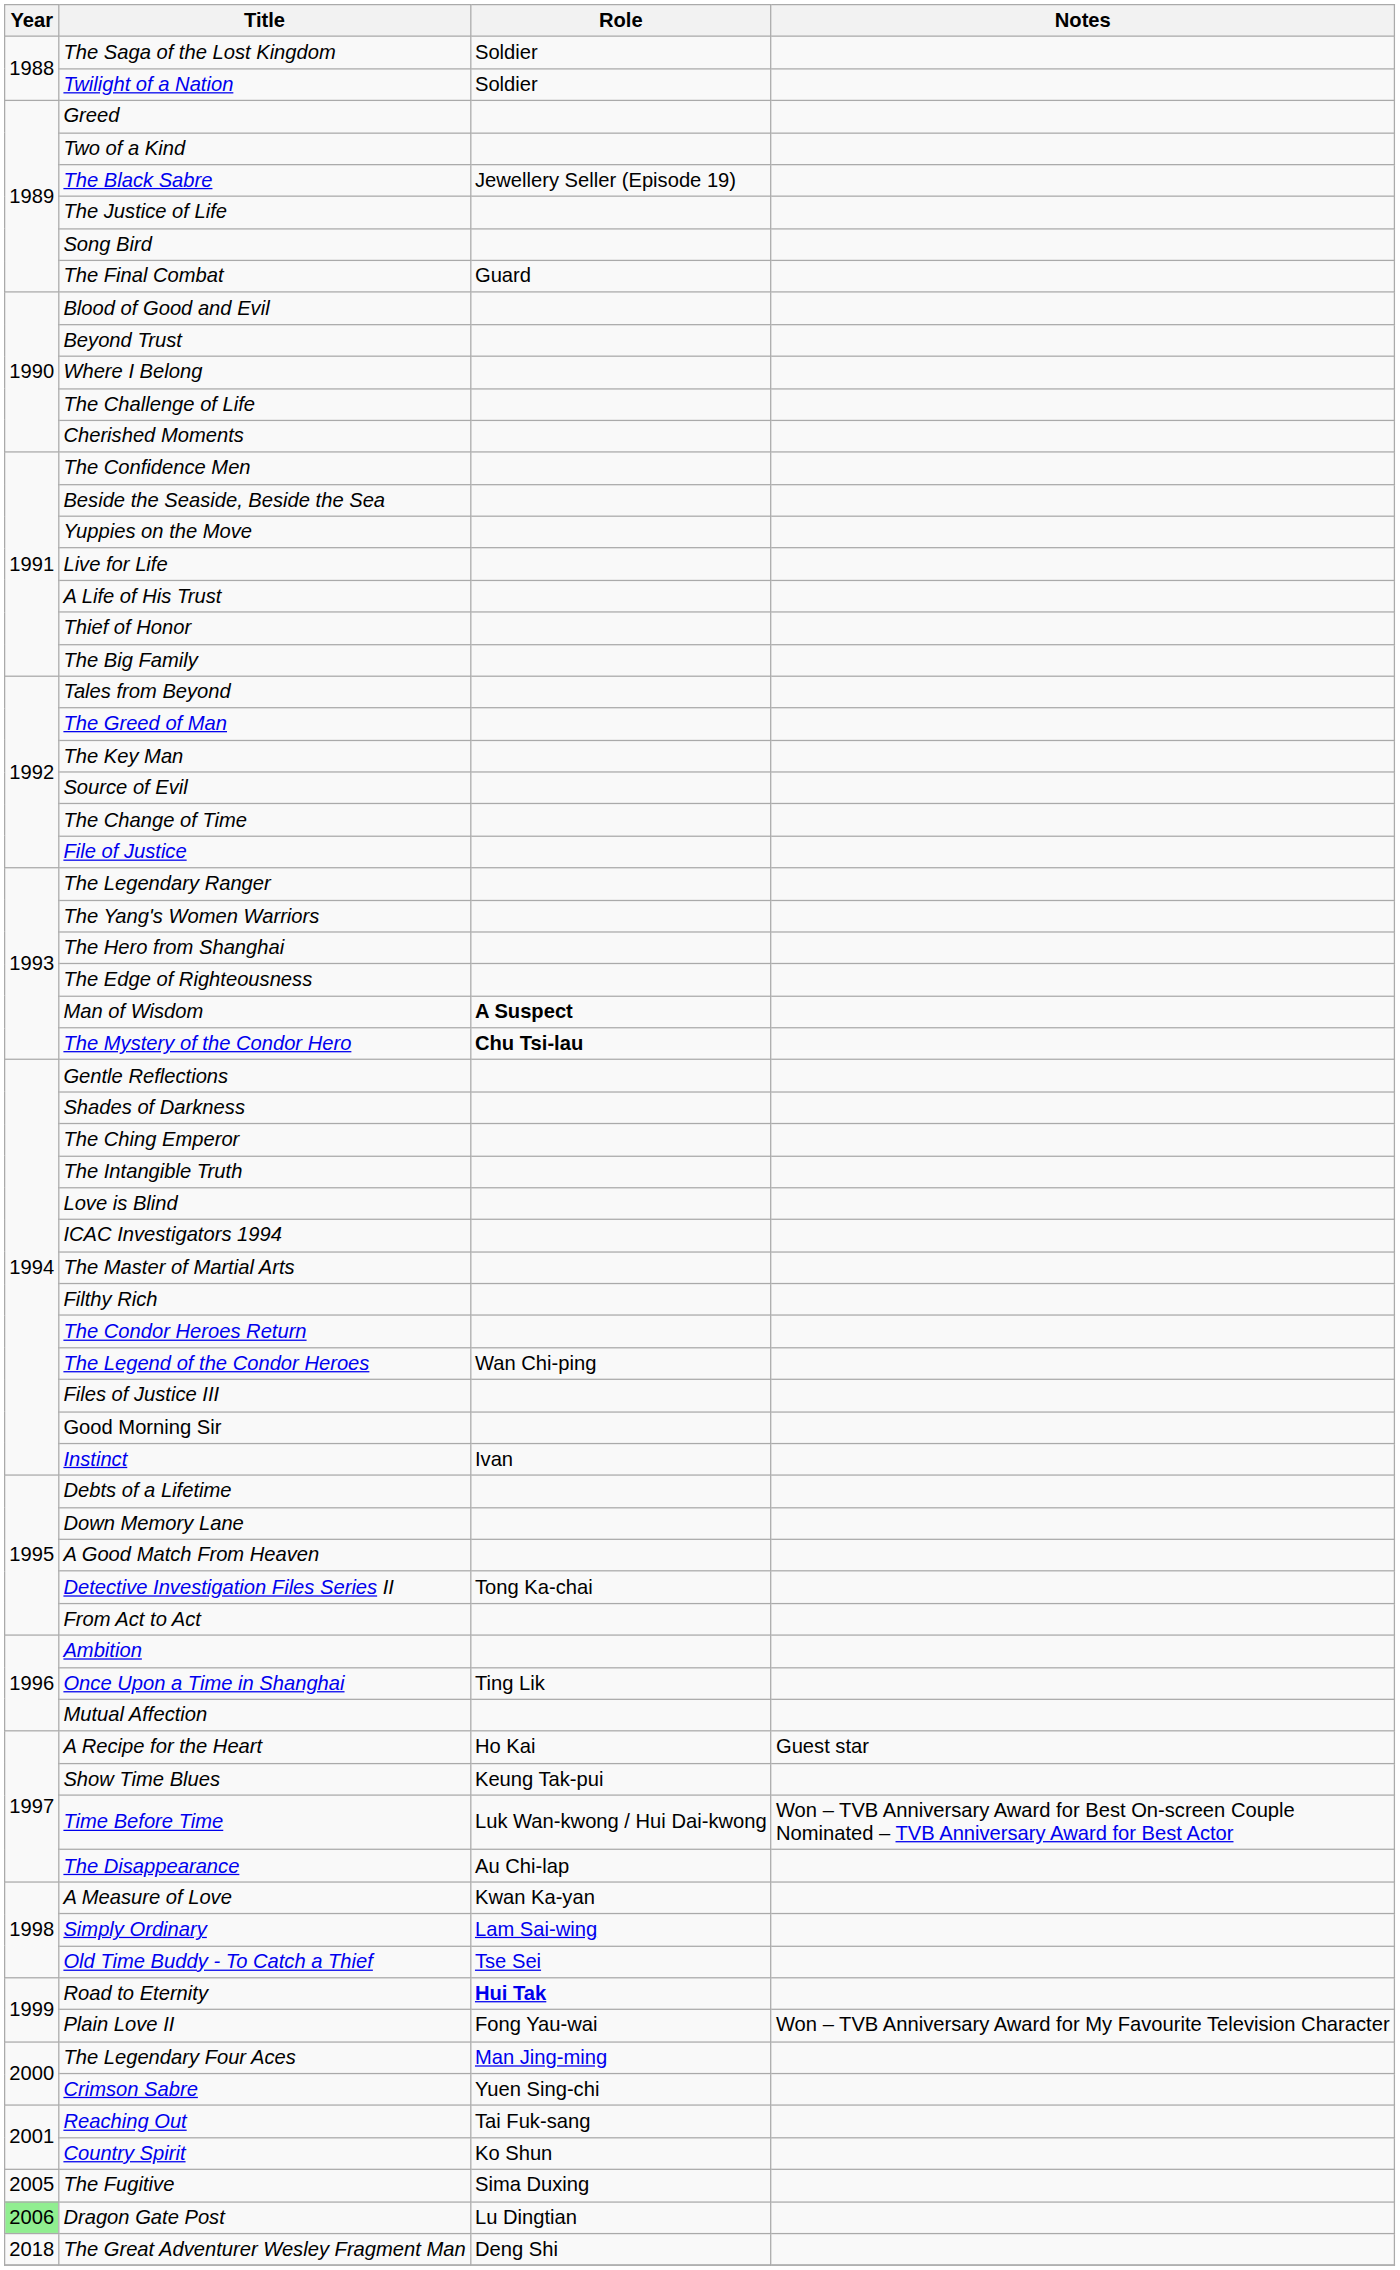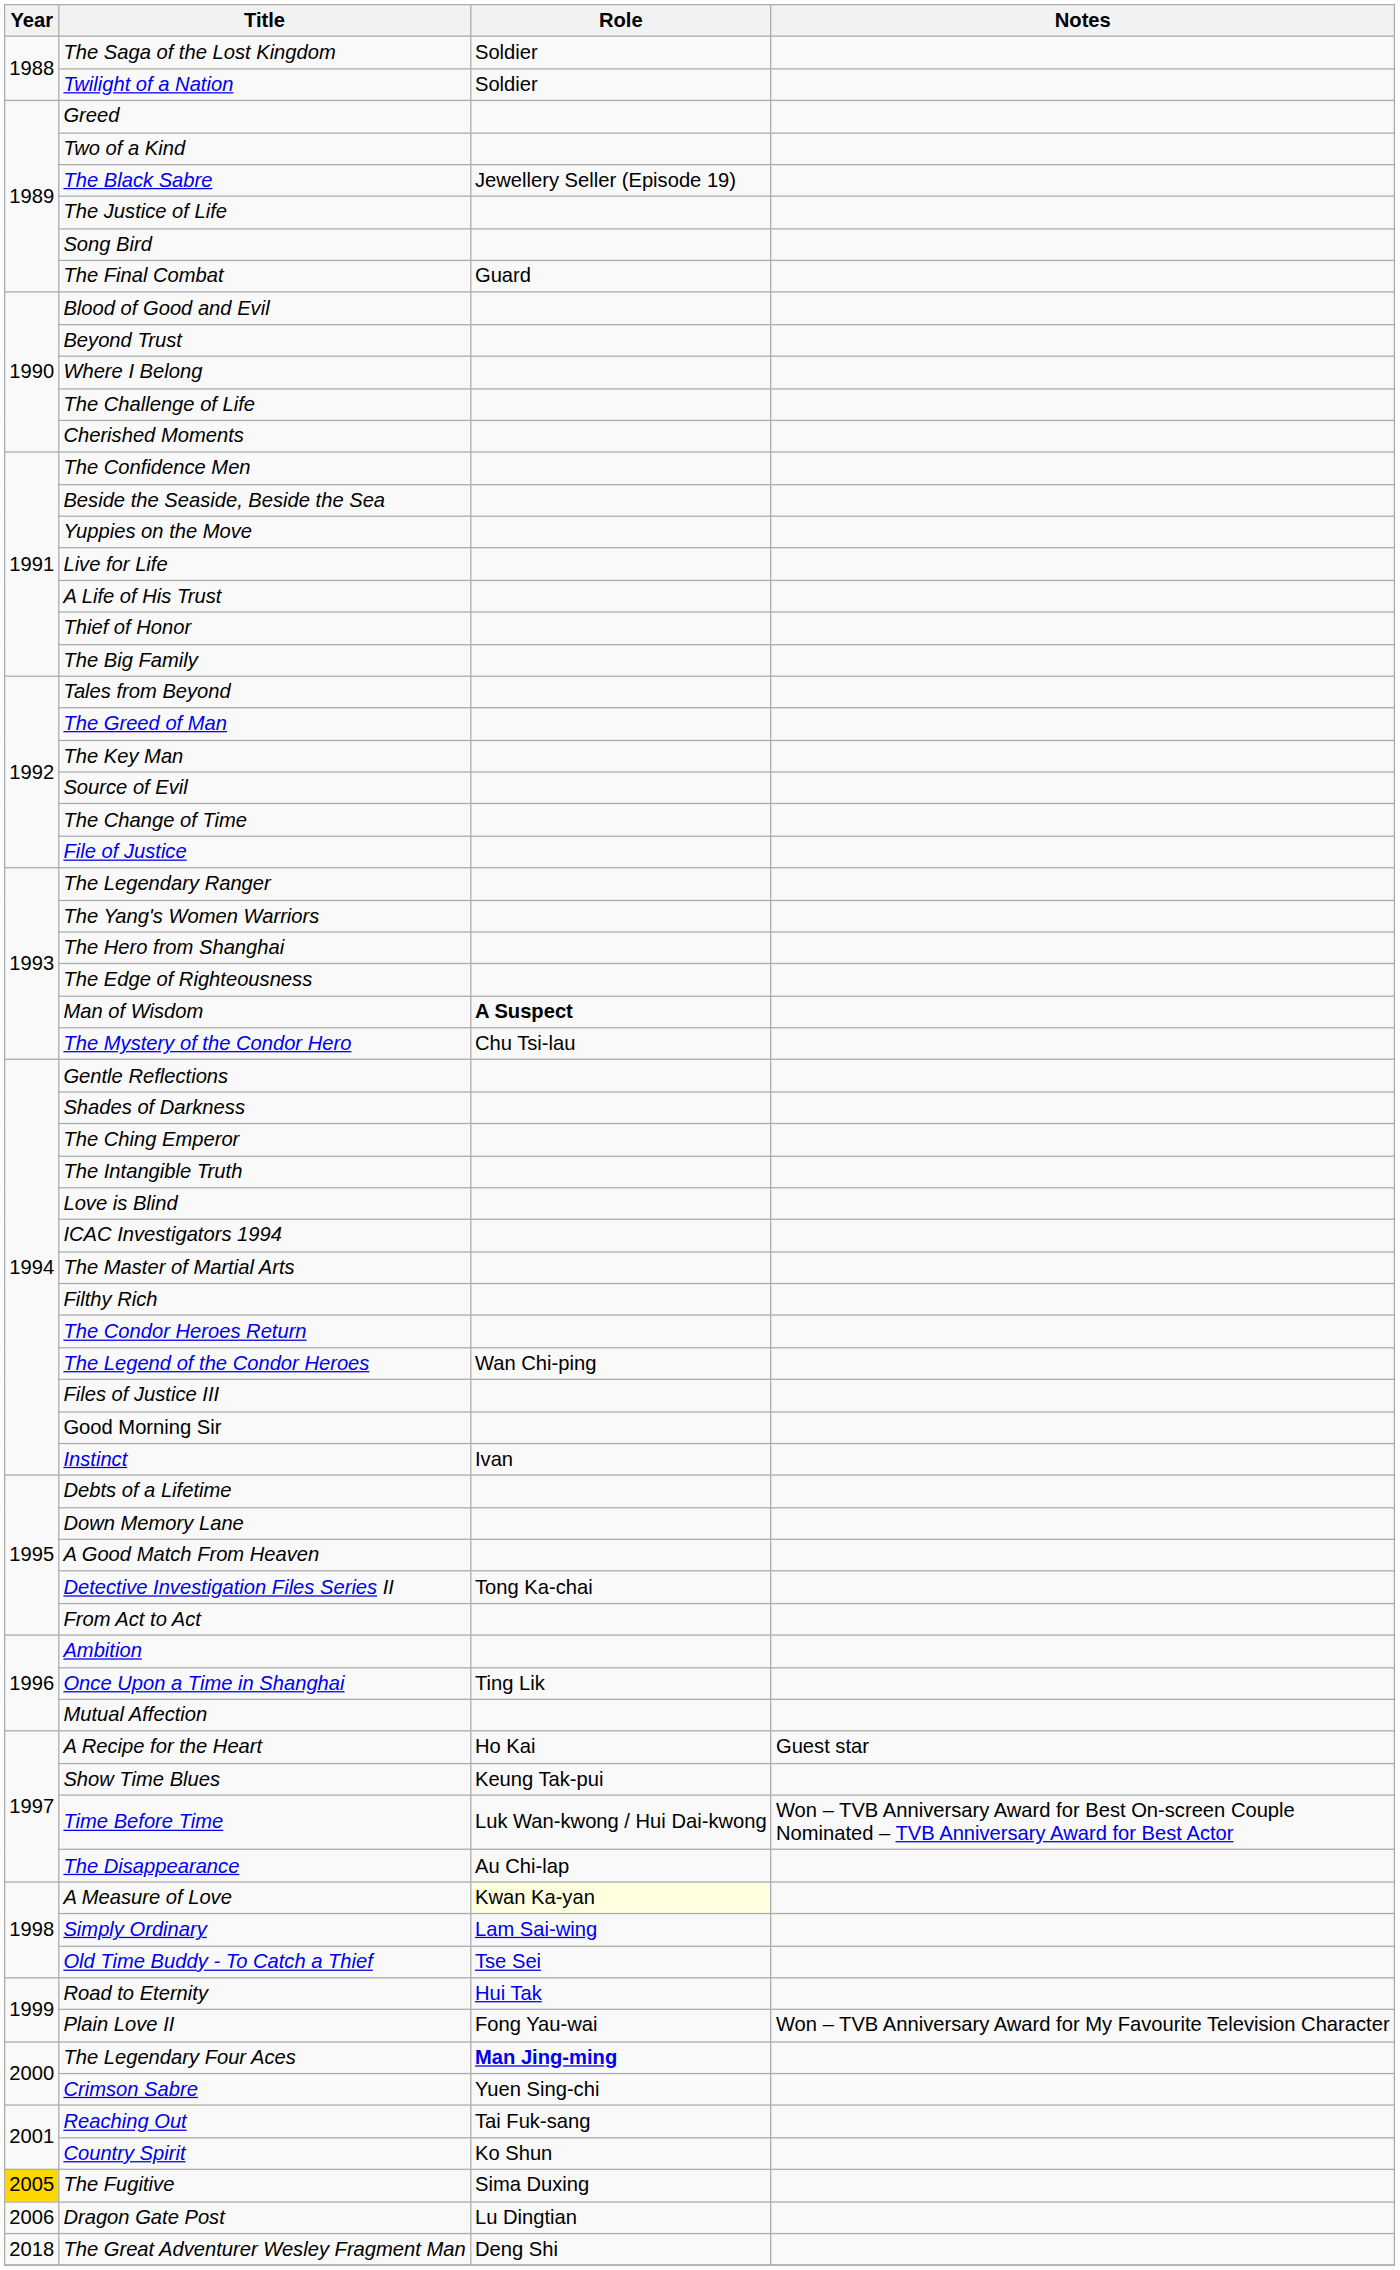 <table class="wikitable sortable">
 <tr>
 <th>Year</th>
 <th>Title</th>
 <th>Role</th>
 <th class="unsortable">Notes</th>
 </tr>
 <tr>
 <td rowspan="2">1988</td>
 <td><em>The Saga of the Lost Kingdom</em></td>
 <td>Soldier</td>
 <td></td>
 </tr>
 <tr>
 <td><em><a href='#'>Twilight of a Nation</a></em></td>
 <td>Soldier</td>
 <td></td>
 </tr>
 <tr>
 <td rowspan="6">1989</td>
 <td><em>Greed</em></td>
 <td></td>
 <td></td>
 </tr>
 <tr>
 <td><em>Two of a Kind</em></td>
 <td></td>
 <td></td>
 </tr>
 <tr>
 <td><em><a href='#'>The Black Sabre</a></em></td>
 <td>Jewellery Seller (Episode 19)</td>
 <td></td>
 </tr>
 <tr>
 <td><em>The Justice of Life</em></td>
 <td></td>
 <td></td>
 </tr>
 <tr>
 <td><em>Song Bird</em></td>
 <td></td>
 <td></td>
 </tr>
 <tr>
 <td><em>The Final Combat</em></td>
 <td>Guard</td>
 <td></td>
 </tr>
 <tr>
 <td rowspan="5">1990</td>
 <td><em>Blood of Good and Evil</em></td>
 <td></td>
 <td></td>
 </tr>
 <tr>
 <td><em>Beyond Trust</em></td>
 <td></td>
 <td></td>
 </tr>
 <tr>
 <td><em>Where I Belong</em></td>
 <td></td>
 <td></td>
 </tr>
 <tr>
 <td><em>The Challenge of Life</em></td>
 <td></td>
 <td></td>
 </tr>
 <tr>
 <td><em>Cherished Moments</em></td>
 <td></td>
 <td></td>
 </tr>
 <tr>
 <td rowspan="7">1991</td>
 <td><em>The Confidence Men</em></td>
 <td></td>
 <td></td>
 </tr>
 <tr>
 <td><em>Beside the Seaside, Beside the Sea</em></td>
 <td></td>
 <td></td>
 </tr>
 <tr>
 <td><em>Yuppies on the Move</em></td>
 <td></td>
 <td></td>
 </tr>
 <tr>
 <td><em>Live for Life</em></td>
 <td></td>
 <td></td>
 </tr>
 <tr>
 <td><em>A Life of His Trust</em></td>
 <td></td>
 <td></td>
 </tr>
 <tr>
 <td><em>Thief of Honor</em></td>
 <td></td>
 <td></td>
 </tr>
 <tr>
 <td><em>The Big Family</em></td>
 <td></td>
 <td></td>
 </tr>
 <tr>
 <td rowspan="6">1992</td>
 <td><em>Tales from Beyond</em></td>
 <td></td>
 <td></td>
 </tr>
 <tr>
 <td><em><a href='#'>The Greed of Man</a></em></td>
 <td></td>
 <td></td>
 </tr>
 <tr>
 <td><em>The Key Man</em></td>
 <td></td>
 <td></td>
 </tr>
 <tr>
 <td><em>Source of Evil</em></td>
 <td></td>
 <td></td>
 </tr>
 <tr>
 <td><em>The Change of Time</em></td>
 <td></td>
 <td></td>
 </tr>
 <tr>
 <td><em><a href='#'>File of Justice</a></em></td>
 <td></td>
 <td></td>
 </tr>
 <tr>
 <td rowspan="6">1993</td>
 <td><em>The Legendary Ranger</em></td>
 <td></td>
 <td></td>
 </tr>
 <tr>
 <td><em>The Yang's Women Warriors</em></td>
 <td></td>
 <td></td>
 </tr>
 <tr>
 <td><em>The Hero from Shanghai</em></td>
 <td></td>
 <td></td>
 </tr>
 <tr>
 <td><em>The Edge of Righteousness</em></td>
 <td></td>
 <td></td>
 </tr>
 <tr>
 <td><em>Man of Wisdom</em></td>
 <td><strong>A Suspect</strong></td>
 <td></td>
 </tr>
 <tr>
 <td><em><a href='#'>The Mystery of the Condor Hero</a></em></td>
-<td><strong>Chu Tsi-lau</strong></td>
+<td>Chu Tsi-lau</td>
 <td></td>
 </tr>
 <tr>
 <td rowspan="13">1994</td>
 <td><em>Gentle Reflections</em></td>
 <td></td>
 <td></td>
 </tr>
 <tr>
 <td><em>Shades of Darkness</em></td>
 <td></td>
 <td></td>
 </tr>
 <tr>
 <td><em>The Ching Emperor</em></td>
 <td></td>
 <td></td>
 </tr>
 <tr>
 <td><em>The Intangible Truth</em></td>
 <td></td>
 <td></td>
 </tr>
 <tr>
 <td><em>Love is Blind</em></td>
 <td></td>
 <td></td>
 </tr>
 <tr>
 <td><em>ICAC Investigators 1994</em></td>
 <td></td>
 <td></td>
 </tr>
 <tr>
 <td><em>The Master of Martial Arts</em></td>
 <td></td>
 <td></td>
 </tr>
 <tr>
 <td><em>Filthy Rich</em></td>
 <td></td>
 <td></td>
 </tr>
 <tr>
 <td><em><a href='#'>The Condor Heroes Return</a></em></td>
 <td></td>
 <td></td>
 </tr>
 <tr>
 <td><em><a href='#'>The Legend of the Condor Heroes</a></em></td>
 <td>Wan Chi-ping</td>
 <td></td>
 </tr>
 <tr>
 <td><em>Files of Justice III</em></td>
 <td></td>
 <td></td>
 </tr>
 <tr>
 <td>Good Morning Sir</td>
 <td></td>
 <td></td>
 </tr>
 <tr>
 <td><em><a href='#'>Instinct</a></em></td>
 <td>Ivan</td>
 <td></td>
 </tr>
 <tr>
 <td rowspan="5">1995</td>
 <td><em>Debts of a Lifetime</em></td>
 <td></td>
 <td></td>
 </tr>
 <tr>
 <td><em>Down Memory Lane</em></td>
 <td></td>
 <td></td>
 </tr>
 <tr>
 <td><em>A Good Match From Heaven</em></td>
 <td></td>
 <td></td>
 </tr>
 <tr>
 <td><em><a href='#'>Detective Investigation Files Series</a> II</em></td>
 <td>Tong Ka-chai</td>
 <td></td>
 </tr>
 <tr>
 <td><em>From Act to Act</em></td>
 <td></td>
 <td></td>
 </tr>
 <tr>
 <td rowspan="3">1996</td>
 <td><em><a href='#'>Ambition</a></em></td>
 <td></td>
 <td></td>
 </tr>
 <tr>
 <td><em><a href='#'>Once Upon a Time in Shanghai</a></em></td>
 <td>Ting Lik</td>
 <td></td>
 </tr>
 <tr>
 <td><em>Mutual Affection</em></td>
 <td></td>
 <td></td>
 </tr>
 <tr>
 <td rowspan="4">1997</td>
 <td><em>A Recipe for the Heart</em></td>
 <td>Ho Kai</td>
 <td>Guest star</td>
 </tr>
 <tr>
 <td><em>Show Time Blues</em></td>
 <td>Keung Tak-pui</td>
 <td></td>
 </tr>
 <tr>
 <td><em><a href='#'>Time Before Time</a></em></td>
 <td>Luk Wan-kwong / Hui Dai-kwong</td>
 <td>Won – TVB Anniversary Award for Best On-screen Couple<br>Nominated – <a href='#'>TVB Anniversary Award for Best Actor</a></td>
 </tr>
 <tr>
 <td><em><a href='#'>The Disappearance</a></em></td>
 <td>Au Chi-lap</td>
 <td></td>
 </tr>
 <tr>
 <td rowspan="3">1998</td>
 <td><em>A Measure of Love</em></td>
-<td>Kwan Ka-yan</td>
+<td style="background: lightyellow;">Kwan Ka-yan</td>
 <td></td>
 </tr>
 <tr>
 <td><em><a href='#'>Simply Ordinary</a></em></td>
 <td><a href='#'>Lam Sai-wing</a></td>
 <td></td>
 </tr>
 <tr>
 <td><em><a href='#'>Old Time Buddy - To Catch a Thief</a></em></td>
 <td><a href='#'>Tse Sei</a></td>
 <td></td>
 </tr>
 <tr>
 <td rowspan="2">1999</td>
 <td><em>Road to Eternity</em></td>
-<td><strong><a href='#'>Hui Tak</a></strong></td>
+<td><a href='#'>Hui Tak</a></td>
 <td></td>
 </tr>
 <tr>
 <td><em>Plain Love II</em></td>
 <td>Fong Yau-wai</td>
 <td>Won – TVB Anniversary Award for My Favourite Television Character</td>
 </tr>
 <tr>
 <td rowspan="2">2000</td>
 <td><em>The Legendary Four Aces</em></td>
-<td><a href='#'>Man Jing-ming</a></td>
+<td><strong><a href='#'>Man Jing-ming</a></strong></td>
 <td></td>
 </tr>
 <tr>
 <td><em><a href='#'>Crimson Sabre</a></em></td>
 <td>Yuen Sing-chi</td>
 <td></td>
 </tr>
 <tr>
 <td rowspan="2">2001</td>
 <td><em><a href='#'>Reaching Out</a></em></td>
 <td>Tai Fuk-sang</td>
 <td></td>
 </tr>
 <tr>
 <td><em><a href='#'>Country Spirit</a></em></td>
 <td>Ko Shun</td>
 <td></td>
 </tr>
 <tr>
-<td>2005</td>
+<td style="background: gold;">2005</td>
 <td><em>The Fugitive</em></td>
 <td>Sima Duxing</td>
 <td></td>
 </tr>
 <tr>
-<td style="background: lightgreen;">2006</td>
+<td>2006</td>
 <td><em>Dragon Gate Post</em></td>
 <td>Lu Dingtian</td>
 <td></td>
 </tr>
 <tr>
 <td>2018</td>
 <td><em>The Great Adventurer Wesley Fragment Man</em></td>
 <td>Deng Shi</td>
 <td></td>
 </tr>
 <tr>
 </tr>
 </table>
